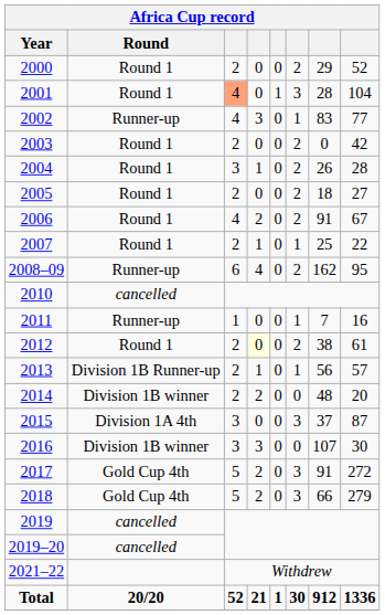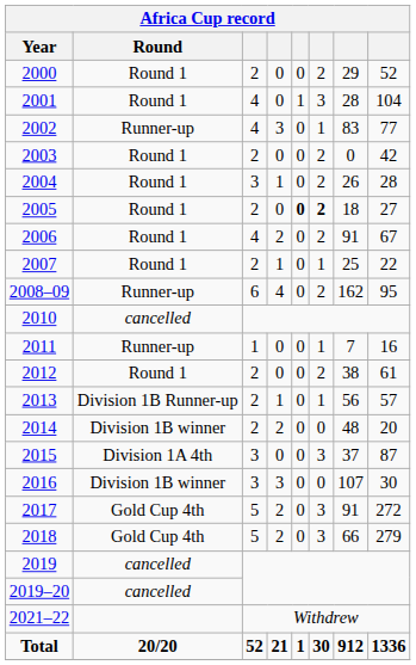 <table class="wikitable" style="text-align:center;">
 <tr>
 <th colspan=8><a href='#'>Africa Cup record</a></th>
 </tr>
 <tr>
 <th>Year</th>
 <th>Round</th>
 <th></th>
 <th></th>
 <th></th>
 <th></th>
 <th></th>
 <th></th>
 </tr>
 <tr>
 <td><a href='#'>2000</a></td>
 <td>Round 1</td>
 <td>2</td>
 <td>0</td>
 <td>0</td>
 <td>2</td>
 <td>29</td>
 <td>52</td>
 </tr>
 <tr>
 <td><a href='#'>2001</a></td>
 <td>Round 1</td>
-<td style="background: lightsalmon;">4</td>
+<td>4</td>
 <td>0</td>
 <td>1</td>
 <td>3</td>
 <td>28</td>
 <td>104</td>
 </tr>
 <tr>
 <td><a href='#'>2002</a></td>
 <td>Runner-up</td>
 <td>4</td>
 <td>3</td>
 <td>0</td>
 <td>1</td>
 <td>83</td>
 <td>77</td>
 </tr>
 <tr>
 <td><a href='#'>2003</a></td>
 <td>Round 1</td>
 <td>2</td>
 <td>0</td>
 <td>0</td>
 <td>2</td>
 <td>0</td>
 <td>42</td>
 </tr>
 <tr>
 <td><a href='#'>2004</a></td>
 <td>Round 1</td>
 <td>3</td>
 <td>1</td>
 <td>0</td>
 <td>2</td>
 <td>26</td>
 <td>28</td>
 </tr>
 <tr>
 <td><a href='#'>2005</a></td>
 <td>Round 1</td>
 <td>2</td>
 <td>0</td>
-<td>0</td>
-<td>2</td>
+<td><strong>0</strong></td>
+<td><strong>2</strong></td>
 <td>18</td>
 <td>27</td>
 </tr>
 <tr>
 <td><a href='#'>2006</a></td>
 <td>Round 1</td>
 <td>4</td>
 <td>2</td>
 <td>0</td>
 <td>2</td>
 <td>91</td>
 <td>67</td>
 </tr>
 <tr>
 <td><a href='#'>2007</a></td>
 <td>Round 1</td>
 <td>2</td>
 <td>1</td>
 <td>0</td>
 <td>1</td>
 <td>25</td>
 <td>22</td>
 </tr>
 <tr>
 <td><a href='#'>2008–09</a></td>
 <td>Runner-up</td>
 <td>6</td>
 <td>4</td>
 <td>0</td>
 <td>2</td>
 <td>162</td>
 <td>95</td>
 </tr>
 <tr>
 <td><a href='#'>2010</a></td>
 <td><em>cancelled</em></td>
 </tr>
 <tr>
 <td><a href='#'>2011</a></td>
 <td>Runner-up</td>
 <td>1</td>
 <td>0</td>
 <td>0</td>
 <td>1</td>
 <td>7</td>
 <td>16</td>
 </tr>
 <tr>
 <td><a href='#'>2012</a></td>
 <td>Round 1</td>
 <td>2</td>
-<td style="background: lightyellow;">0</td>
+<td>0</td>
 <td>0</td>
 <td>2</td>
 <td>38</td>
 <td>61</td>
 </tr>
 <tr>
 <td><a href='#'>2013</a></td>
 <td>Division 1B Runner-up</td>
 <td>2</td>
 <td>1</td>
 <td>0</td>
 <td>1</td>
 <td>56</td>
 <td>57</td>
 </tr>
 <tr>
 <td><a href='#'>2014</a></td>
 <td>Division 1B winner</td>
 <td>2</td>
 <td>2</td>
 <td>0</td>
 <td>0</td>
 <td>48</td>
 <td>20</td>
 </tr>
 <tr>
 <td><a href='#'>2015</a></td>
 <td>Division 1A 4th</td>
 <td>3</td>
 <td>0</td>
 <td>0</td>
 <td>3</td>
 <td>37</td>
 <td>87</td>
 </tr>
 <tr>
 <td><a href='#'>2016</a></td>
 <td>Division 1B winner</td>
 <td>3</td>
 <td>3</td>
 <td>0</td>
 <td>0</td>
 <td>107</td>
 <td>30</td>
 </tr>
 <tr>
 <td><a href='#'>2017</a></td>
 <td>Gold Cup 4th</td>
 <td>5</td>
 <td>2</td>
 <td>0</td>
 <td>3</td>
 <td>91</td>
 <td>272</td>
 </tr>
 <tr>
 <td><a href='#'>2018</a></td>
 <td>Gold Cup 4th</td>
 <td>5</td>
 <td>2</td>
 <td>0</td>
 <td>3</td>
 <td>66</td>
 <td>279</td>
 </tr>
 <tr>
 <td><a href='#'>2019</a></td>
 <td><em>cancelled</em></td>
 </tr>
 <tr>
 <td><a href='#'>2019–20</a></td>
 <td><em>cancelled</em></td>
 </tr>
 <tr>
 <td><a href='#'>2021–22</a></td>
 <td></td>
 <td colspan=9><em>Withdrew</em></td>
 </tr>
 <tr>
 <td><strong>Total</strong></td>
 <td><strong>20/20</strong></td>
 <td><strong>52</strong></td>
 <td><strong>21</strong></td>
 <td><strong>1</strong></td>
 <td><strong>30</strong></td>
 <td><strong>912</strong></td>
 <td><strong>1336</strong></td>
 </tr>
 <tr>
 </tr>
 </table>
